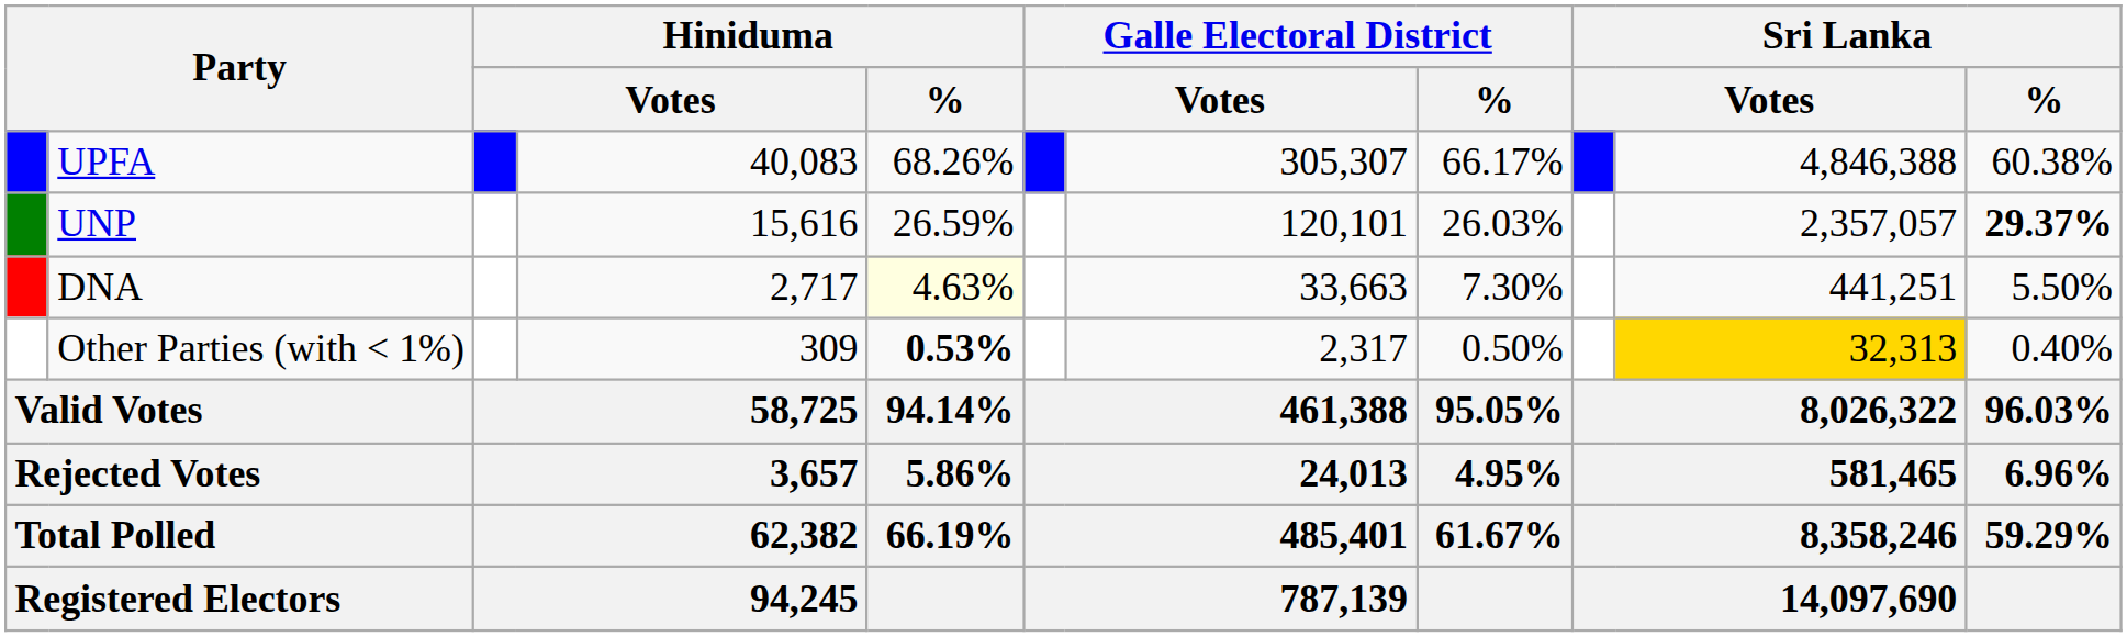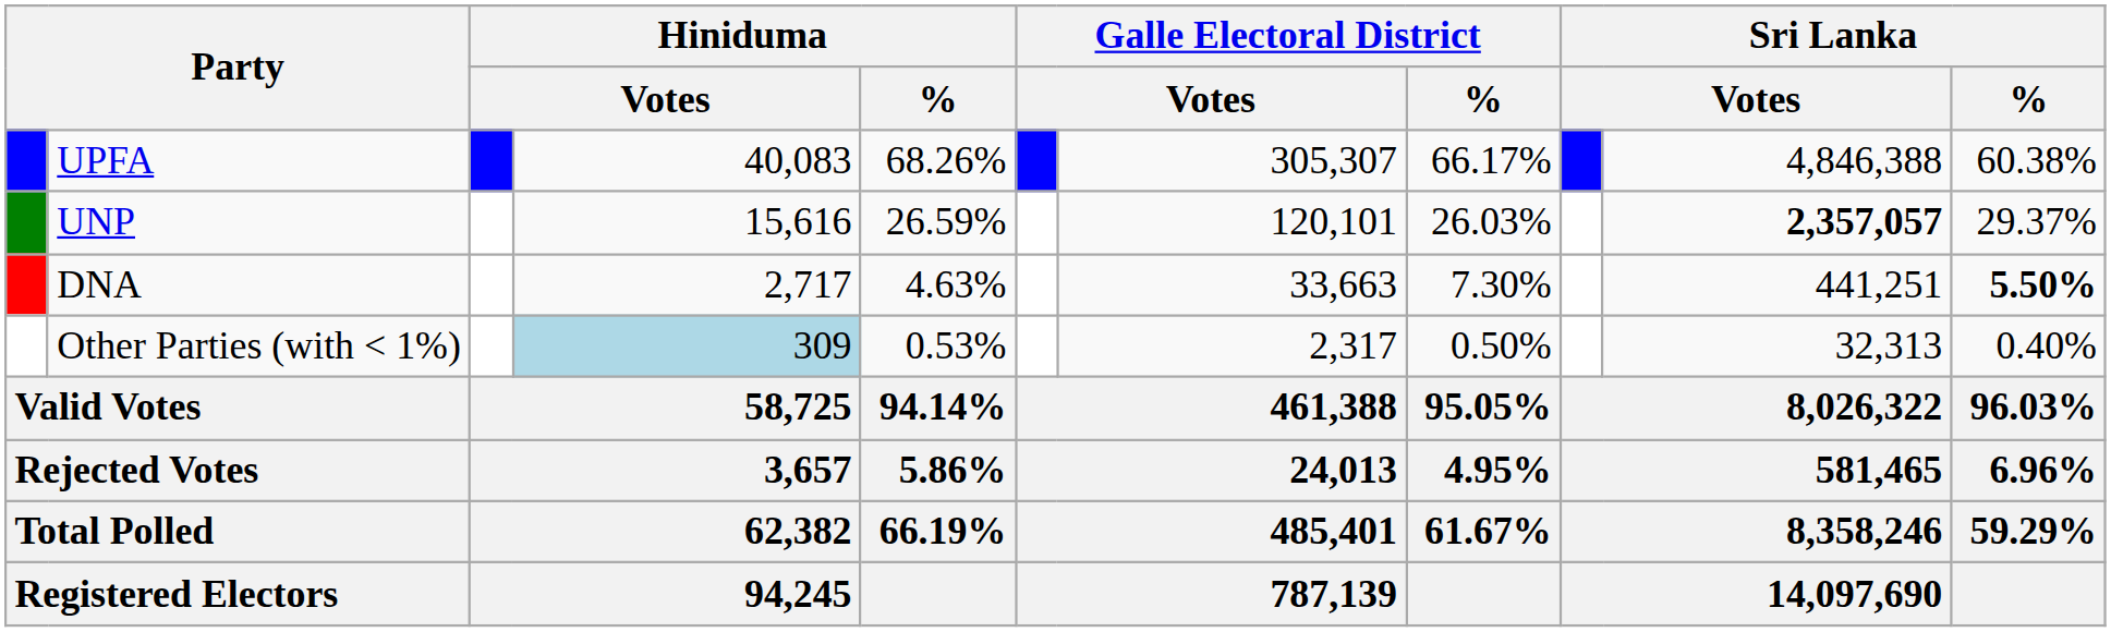 <table class="wikitable">
 <tr>
 <th colspan="2" width="144px"rowspan="2">Party</th>
 <th colspan="3" width="216px">Hiniduma</th>
 <th colspan="3" width="216px"><a href='#'>Galle Electoral District</a></th>
 <th colspan="3" width="216px">Sri Lanka</th>
 </tr>
 <tr>
 <th colspan="2" width="144px">Votes</th>
 <th>%</th>
 <th colspan="2" width="144px">Votes</th>
 <th>%</th>
 <th colspan="2" width="144px">Votes</th>
 <th>%</th>
 </tr>
 <tr>
 <td style="background-color:blue;" width="10px"></td>
 <td style="text-align:left;"><a href='#'>UPFA</a></td>
 <td style="background-color:blue;" width="10px"></td>
 <td style="text-align:right;">40,083</td>
 <td style="text-align:right;">68.26%</td>
 <td style="background-color:blue;" width="10px"></td>
 <td style="text-align:right;">305,307</td>
 <td style="text-align:right;">66.17%</td>
 <td style="background-color:blue;" width="10px"></td>
 <td style="text-align:right;">4,846,388</td>
 <td style="text-align:right;">60.38%</td>
 </tr>
 <tr>
 <td style="background-color:green;" width="10px"></td>
 <td style="text-align:left;"><a href='#'>UNP</a></td>
 <td style="background-color:white;" width="10px"></td>
 <td style="text-align:right;">15,616</td>
 <td style="text-align:right;">26.59%</td>
 <td style="background-color:white;" width="10px"></td>
 <td style="text-align:right;">120,101</td>
 <td style="text-align:right;">26.03%</td>
 <td style="background-color:white;" width="10px"></td>
-<td style="text-align:right;">2,357,057</td>
-<td style="text-align:right;"><strong>29.37%</strong></td>
+<td style="text-align:right;"><strong>2,357,057</strong></td>
+<td style="text-align:right;">29.37%</td>
 </tr>
 <tr>
 <td style="background-color:red;" width="10px"></td>
 <td style="text-align:left;">DNA</td>
 <td style="background-color:white;" width="10px"></td>
 <td style="text-align:right;">2,717</td>
-<td style="background: lightyellow; text-align:right;">4.63%</td>
+<td style="text-align:right;">4.63%</td>
 <td style="background-color:white;" width="10px"></td>
 <td style="text-align:right;">33,663</td>
 <td style="text-align:right;">7.30%</td>
 <td style="background-color:white;" width="10px"></td>
 <td style="text-align:right;">441,251</td>
-<td style="text-align:right;">5.50%</td>
+<td style="text-align:right;"><strong>5.50%</strong></td>
 </tr>
 <tr>
 <td style="background-color:white;" width="10px"></td>
 <td style="text-align:left;">Other Parties (with < 1%)</td>
 <td style="background-color:white;" width="10px"></td>
-<td style="text-align:right;">309</td>
-<td style="text-align:right;"><strong>0.53%</strong></td>
+<td style="background: lightblue; text-align:right;">309</td>
+<td style="text-align:right;">0.53%</td>
 <td style="background-color:white;" width="10px"></td>
 <td style="text-align:right;">2,317</td>
 <td style="text-align:right;">0.50%</td>
 <td style="background-color:white;" width="10px"></td>
-<td style="background: gold; text-align:right;">32,313</td>
+<td style="text-align:right;">32,313</td>
 <td style="text-align:right;">0.40%</td>
 </tr>
 <tr>
 <th colspan="2" width="144px"style="text-align:left;">Valid Votes</th>
 <th style="text-align:right;"colspan="2" width="144px">58,725</th>
 <th style="text-align:right;">94.14%</th>
 <th style="text-align:right;"colspan="2" width="144px">461,388</th>
 <th style="text-align:right;">95.05%</th>
 <th style="text-align:right;"colspan="2" width="144px">8,026,322</th>
 <th style="text-align:right;">96.03%</th>
 </tr>
 <tr>
 <th colspan="2" width="144px"style="text-align:left;">Rejected Votes</th>
 <th style="text-align:right;"colspan="2" width="144px">3,657</th>
 <th style="text-align:right;">5.86%</th>
 <th style="text-align:right;"colspan="2" width="144px">24,013</th>
 <th style="text-align:right;">4.95%</th>
 <th style="text-align:right;"colspan="2" width="144px">581,465</th>
 <th style="text-align:right;">6.96%</th>
 </tr>
 <tr>
 <th colspan="2" width="144px"style="text-align:left;">Total Polled</th>
 <th style="text-align:right;"colspan="2" width="144px">62,382</th>
 <th style="text-align:right;">66.19%</th>
 <th style="text-align:right;"colspan="2" width="144px">485,401</th>
 <th style="text-align:right;">61.67%</th>
 <th style="text-align:right;"colspan="2" width="144px">8,358,246</th>
 <th style="text-align:right;">59.29%</th>
 </tr>
 <tr>
 <th colspan="2" width="144px"style="text-align:left;">Registered Electors</th>
 <th style="text-align:right;"colspan="2" width="144px">94,245</th>
 <th></th>
 <th style="text-align:right;"colspan="2" width="144px">787,139</th>
 <th></th>
 <th style="text-align:right;"colspan="2" width="144px">14,097,690</th>
 <th></th>
 </tr>
 </table>
